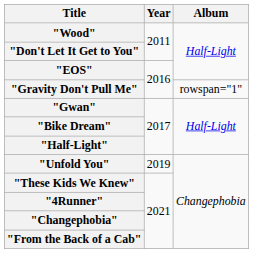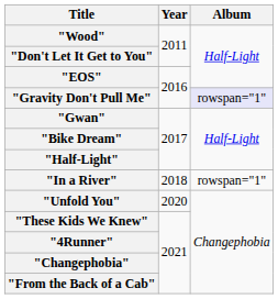 <table class="wikitable plainrowheaders" style="text-align:center;">
 <tr>
 <th scope="col">Title</th>
 <th scope="col">Year</th>
 <th scope="col">Album</th>
 </tr>
 <tr>
 <th scope="row">"Wood" </th>
 <td rowspan="2">2011</td>
 <td rowspan="3"><em><a href='#'>Half-Light</a></em></td>
 </tr>
 <tr>
 <th scope="row">"Don't Let It Get to You"</th>
 </tr>
 <tr>
 <th scope="row">"EOS"</th>
 <td rowspan="2">2016</td>
 </tr>
 <tr>
 <th scope="row">"Gravity Don't Pull Me"</th>
-<td>rowspan="1" </td>
+<td style="background: lavender;">rowspan="1" </td>
 </tr>
 <tr>
 <th scope="row">"Gwan"</th>
 <td rowspan="3">2017</td>
 <td rowspan="3"><em><a href='#'>Half-Light</a></em></td>
 </tr>
 <tr>
 <th scope="row">"Bike Dream"</th>
 </tr>
 <tr>
 <th scope="row">"Half-Light" </th>
 </tr>
 <tr>
+<th scope="row">"In a River"</th>
+<td rowspan="1">2018</td>
+<td>rowspan="1" </td>
+</tr>
+<tr>
 <th scope="row">"Unfold You"</th>
-<td rowspan="1">2019</td>
+<td rowspan="1">2020</td>
 <td rowspan="5"><em>Changephobia</em></td>
 </tr>
 <tr>
 <th scope="row">"These Kids We Knew"</th>
 <td rowspan="4">2021</td>
 </tr>
 <tr>
 <th scope="row">"4Runner"</th>
 </tr>
 <tr>
 <th scope="row">"Changephobia"</th>
 </tr>
 <tr>
 <th scope="row">"From the Back of a Cab"</th>
 </tr>
 </table>
